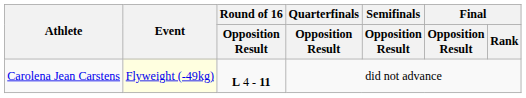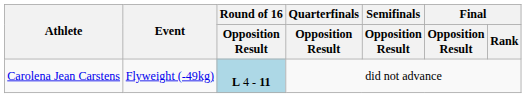 <table class="wikitable" style="font-size:90%">
 <tr>
 <th rowspan="2">Athlete</th>
 <th rowspan="2">Event</th>
 <th>Round of 16</th>
 <th>Quarterfinals</th>
 <th>Semifinals</th>
 <th colspan="2">Final</th>
 </tr>
 <tr>
 <th>Opposition<br>Result</th>
 <th>Opposition<br>Result</th>
 <th>Opposition<br>Result</th>
 <th>Opposition<br>Result</th>
 <th>Rank</th>
 </tr>
 <tr>
 <td><a href='#'>Carolena Jean Carstens</a></td>
-<td style="background: lightyellow;"><a href='#'>Flyweight (-49kg)</a></td>
-<td align=center><br><strong>L</strong> 4 - <strong>11</strong></td>
+<td><a href='#'>Flyweight (-49kg)</a></td>
+<td align=center style="background: lightblue;"><br><strong>L</strong> 4 - <strong>11</strong></td>
 <td align=center colspan="7">did not advance</td>
 </tr>
 </table>
